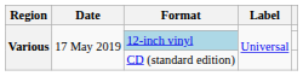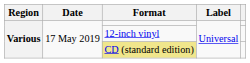 <table class="wikitable plainrowheaders">
 <tr>
 <th scope="col">Region</th>
 <th scope="col">Date</th>
 <th scope="col">Format</th>
 <th scope="col">Label</th>
 <th scope="col"></th>
 </tr>
 <tr>
 <th scope="row" rowspan="3">Various</th>
 <td rowspan="3">17 May 2019</td>
 <td></td>
 <td rowspan="3"><a href='#'>Universal</a></td>
 <td></td>
 </tr>
 <tr>
-<td style="background: lightblue;"><a href='#'>12-inch vinyl</a></td>
+<td><a href='#'>12-inch vinyl</a></td>
 <td></td>
 </tr>
 <tr>
-<td><a href='#'>CD</a> (standard edition)</td>
+<td style="background: khaki;"><a href='#'>CD</a> (standard edition)</td>
 <td></td>
 </tr>
 </table>
